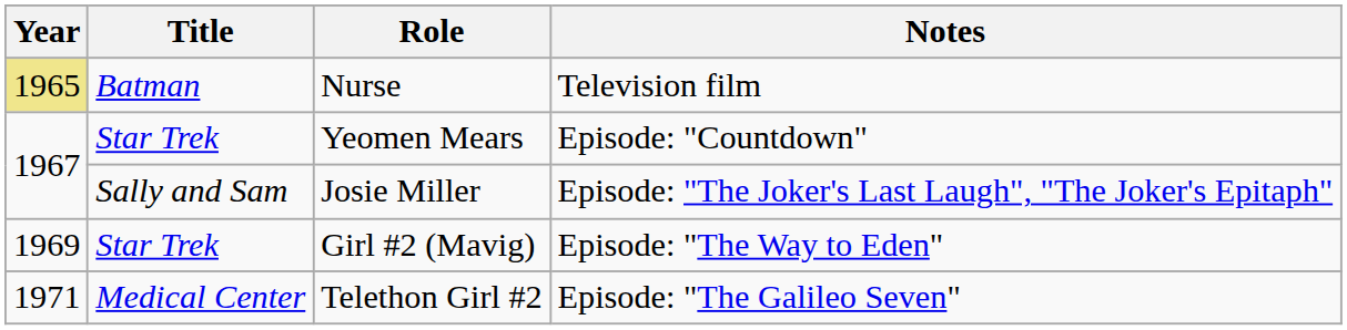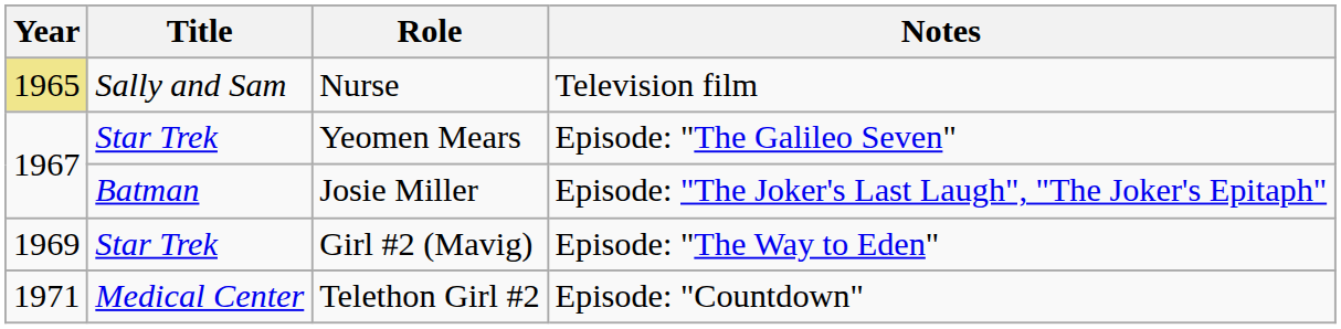 <table class="wikitable sortable">
 <tr>
 <th>Year</th>
 <th>Title</th>
 <th>Role</th>
 <th class="wikitable unsortable">Notes</th>
 </tr>
 <tr>
 <td style="background: khaki;">1965</td>
-<td><em><a href='#'>Batman</a></em></td>
+<td><em>Sally and Sam</em></td>
 <td>Nurse</td>
 <td>Television film</td>
 </tr>
 <tr>
 <td rowspan="2">1967</td>
 <td><em><a href='#'>Star Trek</a></em></td>
 <td>Yeomen Mears</td>
-<td>Episode: "Countdown"</td>
+<td>Episode: "<a href='#'>The Galileo Seven</a>"</td>
 </tr>
 <tr>
-<td><em>Sally and Sam</em></td>
+<td><em><a href='#'>Batman</a></em></td>
 <td>Josie Miller</td>
 <td>Episode: <a href='#'>"The Joker's Last Laugh", "The Joker's Epitaph"</a></td>
 </tr>
 <tr>
 <td>1969</td>
 <td><em><a href='#'>Star Trek</a></em></td>
 <td>Girl #2 (Mavig)</td>
 <td>Episode: "<a href='#'>The Way to Eden</a>"</td>
 </tr>
 <tr>
 <td>1971</td>
 <td><em><a href='#'>Medical Center</a></em></td>
 <td>Telethon Girl #2</td>
-<td>Episode: "<a href='#'>The Galileo Seven</a>"</td>
+<td>Episode: "Countdown"</td>
 </tr>
 </table>
